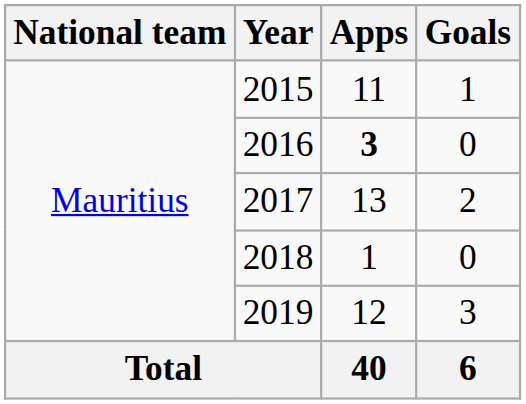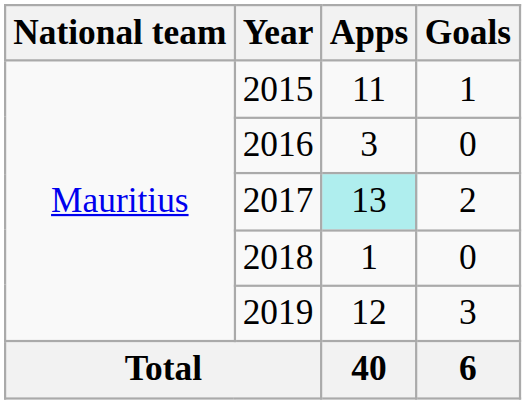 <table class="wikitable" style="text-align:center">
 <tr>
 <th>National team</th>
 <th>Year</th>
 <th>Apps</th>
 <th>Goals</th>
 </tr>
 <tr>
 <td rowspan="5"><a href='#'>Mauritius</a></td>
 <td>2015</td>
 <td>11</td>
 <td>1</td>
 </tr>
 <tr>
 <td>2016</td>
-<td><strong>3</strong></td>
+<td>3</td>
 <td>0</td>
 </tr>
 <tr>
 <td>2017</td>
-<td>13</td>
+<td style="background: paleturquoise;">13</td>
 <td>2</td>
 </tr>
 <tr>
 <td>2018</td>
 <td>1</td>
 <td>0</td>
 </tr>
 <tr>
 <td>2019</td>
 <td>12</td>
 <td>3</td>
 </tr>
 <tr>
 <th colspan=2>Total</th>
 <th>40</th>
 <th>6</th>
 </tr>
 </table>
